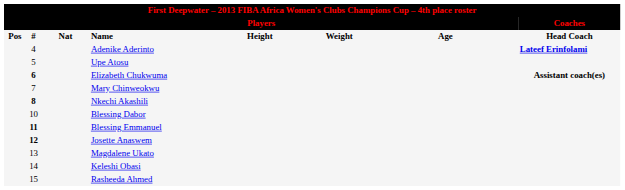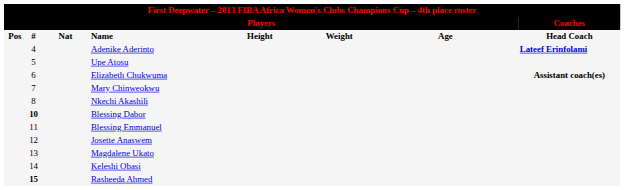 <table border=0 cellpadding=2 cellspacing=0  |- bgcolor=#f5f5f5 style="text-align:center; font-size:85%;" width=75%>
 <tr>
 <td colspan="8" style="background: black; color: red"><strong>First Deepwater – 2013 FIBA Africa Women's Clubs Champions Cup – 4th place roster</strong></td>
 </tr>
 <tr>
 <td colspan="7" style="background: black; color: red"><strong>Players</strong></td>
 <td style="background: black; color: red"><strong>Coaches</strong></td>
 </tr>
 <tr style="background=#f5f5f5; color: black">
 <th width=5px>Pos</th>
 <th width=5px>#</th>
 <th width=50px>Nat</th>
 <th width=135px align=left>Name</th>
 <th width=100px>Height</th>
 <th width=70px>Weight</th>
 <th width=160px>Age</th>
 <th width=110px>Head Coach</th>
 </tr>
 <tr>
 <td></td>
 <td>4</td>
 <td></td>
 <td align=left><a href='#'>Adenike Aderinto</a></td>
 <td></td>
 <td></td>
 <td><span></span></td>
 <td align=left><strong> <a href='#'>Lateef Erinfolami</a></strong></td>
 </tr>
 <tr>
 <td></td>
 <td>5</td>
 <td></td>
 <td align=left><a href='#'>Upe Atosu</a></td>
 <td></td>
 <td></td>
 <td><span></span></td>
 </tr>
 <tr>
 <td></td>
-<td><strong>6</strong></td>
+<td>6</td>
 <td></td>
 <td align=left><a href='#'>Elizabeth Chukwuma</a></td>
 <td></td>
 <td></td>
 <td><span></span></td>
 <td><strong>Assistant coach(es)</strong></td>
 </tr>
 <tr>
 <td></td>
 <td>7</td>
 <td></td>
 <td align=left><a href='#'>Mary Chinweokwu</a></td>
 <td></td>
 <td></td>
 <td><span></span></td>
 <td align=left></td>
 </tr>
 <tr>
 <td></td>
-<td><strong>8</strong></td>
+<td>8</td>
 <td></td>
 <td align=left><a href='#'>Nkechi Akashili</a></td>
 <td></td>
 <td></td>
 <td><span></span></td>
 </tr>
 <tr>
 <td></td>
-<td>10</td>
+<td><strong>10</strong></td>
 <td></td>
 <td align=left><a href='#'>Blessing Dabor</a></td>
 <td></td>
 <td></td>
 <td><span></span></td>
 </tr>
 <tr>
 <td></td>
-<td><strong>11</strong></td>
+<td>11</td>
 <td></td>
 <td align=left><a href='#'>Blessing Emmanuel</a></td>
 <td></td>
 <td></td>
 <td></td>
 </tr>
 <tr>
 <td></td>
-<td><strong>12</strong></td>
+<td>12</td>
 <td></td>
 <td align=left><a href='#'>Josette Anaswem</a></td>
 <td></td>
 <td></td>
 <td><span></span></td>
 </tr>
 <tr>
 <td></td>
 <td>13</td>
 <td></td>
 <td align=left><a href='#'>Magdalene Ukato</a></td>
 <td></td>
 <td></td>
 <td><span></span></td>
 </tr>
 <tr>
 <td></td>
 <td>14</td>
 <td></td>
 <td align=left><a href='#'>Keleshi Obasi</a></td>
 <td></td>
 <td></td>
 <td><span></span></td>
 </tr>
 <tr>
 <td></td>
-<td>15</td>
+<td><strong>15</strong></td>
 <td></td>
 <td align=left><a href='#'>Rasheeda Ahmed</a></td>
 <td></td>
 <td></td>
 <td><span></span></td>
 </tr>
 </table>
